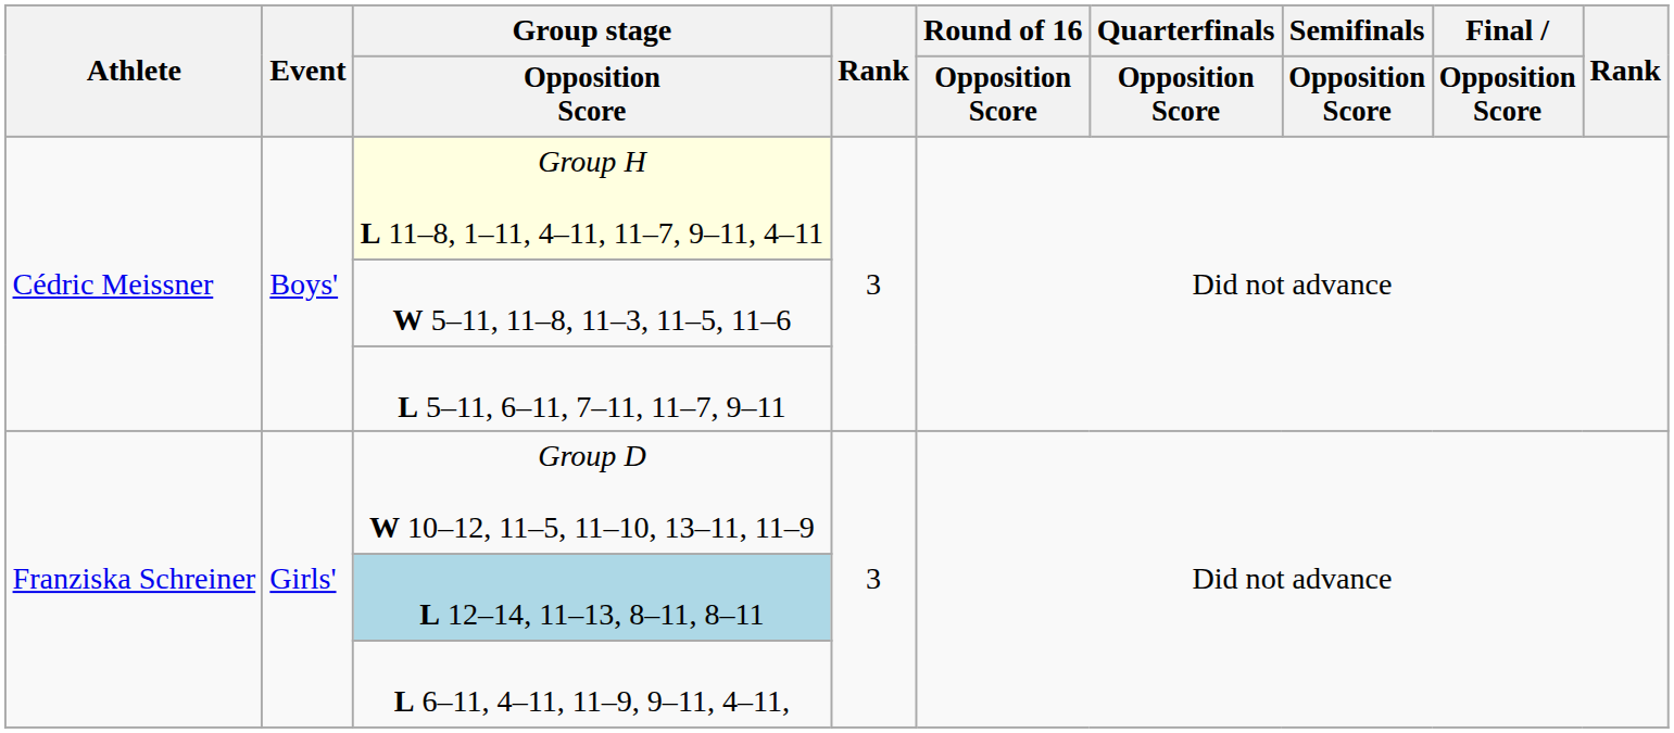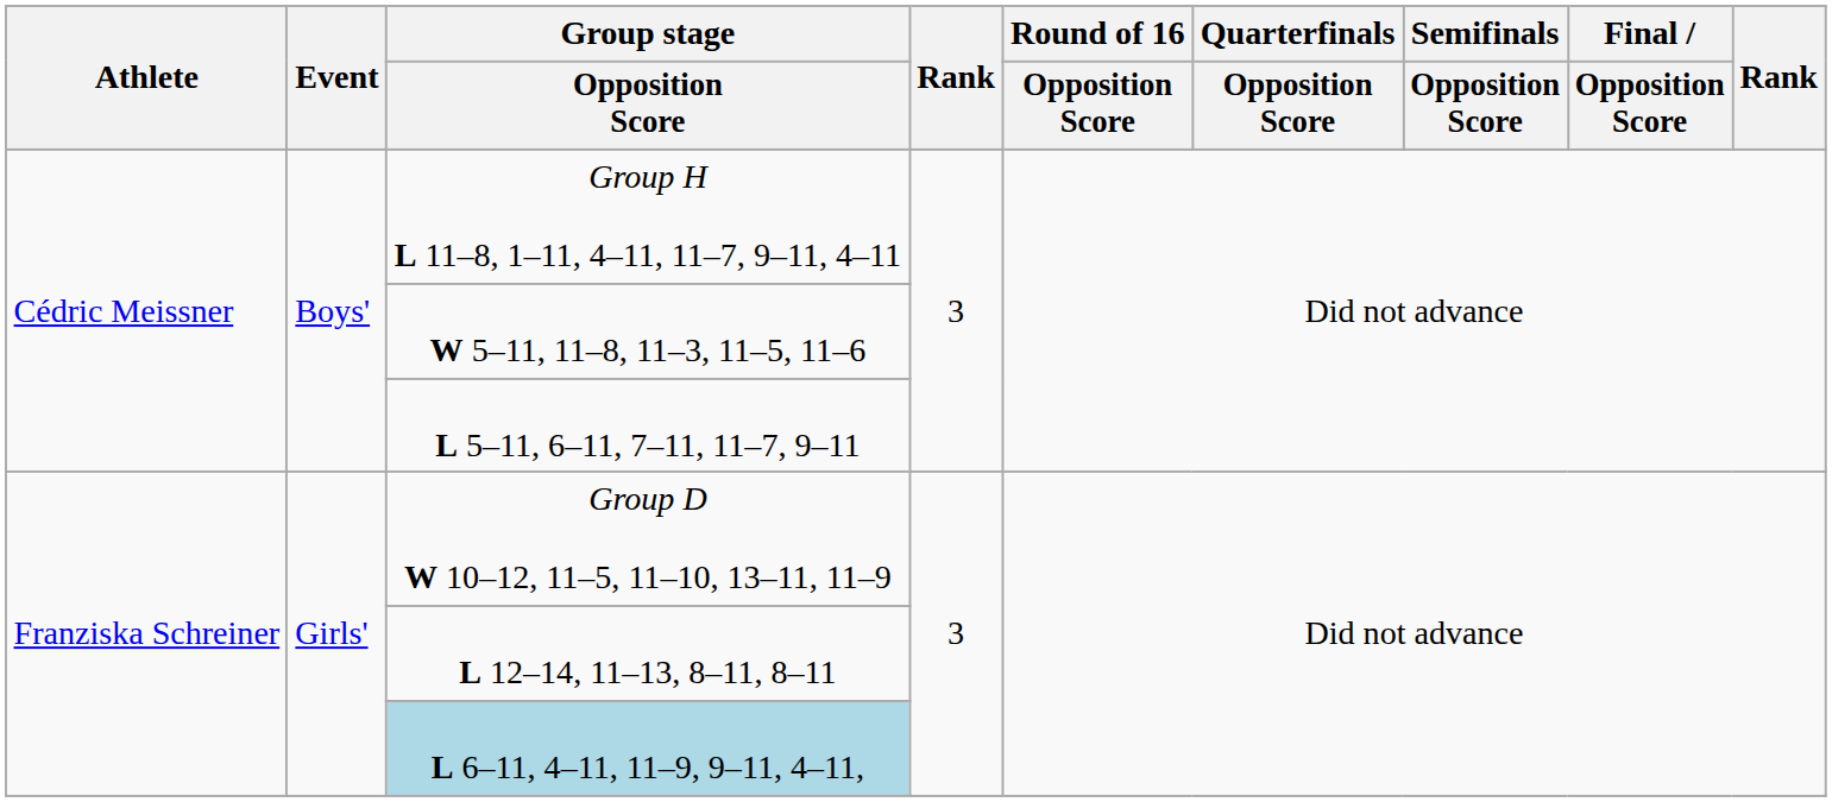 <table class=wikitable style="font-size:90%">
 <tr>
 <th rowspan="2">Athlete</th>
 <th rowspan="2">Event</th>
 <th>Group stage</th>
 <th rowspan="2">Rank</th>
 <th>Round of 16</th>
 <th>Quarterfinals</th>
 <th>Semifinals</th>
 <th>Final / </th>
 <th rowspan=2>Rank</th>
 </tr>
 <tr style="font-size:95%">
 <th>Opposition<br>Score</th>
 <th>Opposition<br>Score</th>
 <th>Opposition<br>Score</th>
 <th>Opposition<br>Score</th>
 <th>Opposition<br>Score</th>
 </tr>
 <tr align=center>
 <td align=left rowspan=3><a href='#'>Cédric Meissner</a></td>
 <td align=left rowspan=3><a href='#'>Boys'</a></td>
-<td style="background: lightyellow;"><em>Group H</em><br><br><strong>L</strong> 11–8, 1–11, 4–11, 11–7, 9–11, 4–11</td>
+<td><em>Group H</em><br><br><strong>L</strong> 11–8, 1–11, 4–11, 11–7, 9–11, 4–11</td>
 <td rowspan=3>3</td>
 <td rowspan=3 colspan=5>Did not advance</td>
 </tr>
 <tr align=center>
 <td><br><strong>W</strong> 5–11, 11–8, 11–3, 11–5, 11–6</td>
 </tr>
 <tr align=center>
 <td><br><strong>L</strong> 5–11, 6–11, 7–11, 11–7, 9–11</td>
 </tr>
 <tr align=center>
 <td align=left rowspan=3><a href='#'>Franziska Schreiner</a></td>
 <td align=left rowspan=3><a href='#'>Girls'</a></td>
 <td><em>Group D</em><br><br><strong>W</strong> 10–12, 11–5, 11–10, 13–11, 11–9</td>
 <td rowspan=3>3</td>
 <td rowspan=3 colspan=5>Did not advance</td>
 </tr>
 <tr align=center>
-<td style="background: lightblue;"><br><strong>L</strong> 12–14, 11–13, 8–11, 8–11</td>
+<td><br><strong>L</strong> 12–14, 11–13, 8–11, 8–11</td>
 </tr>
 <tr align=center>
-<td><br><strong>L</strong> 6–11, 4–11, 11–9, 9–11, 4–11,</td>
+<td style="background: lightblue;"><br><strong>L</strong> 6–11, 4–11, 11–9, 9–11, 4–11,</td>
 </tr>
 </table>
